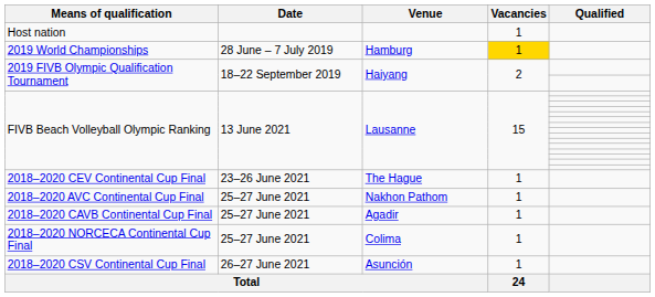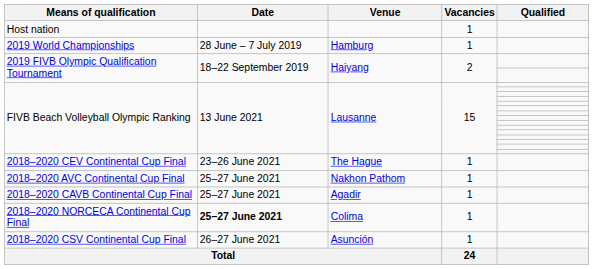 <table class="wikitable" width=900>
 <tr>
 <th width=34%>Means of qualification</th>
 <th width=23%>Date</th>
 <th width=20%>Venue</th>
 <th width=7%>Vacancies</th>
 <th width=16%>Qualified</th>
 </tr>
 <tr>
 <td>Host nation</td>
 <td></td>
 <td></td>
 <td style="text-align:center;">1</td>
 <td></td>
 </tr>
 <tr>
 <td><a href='#'>2019 World Championships</a></td>
 <td>28 June – 7 July 2019</td>
 <td> <a href='#'>Hamburg</a></td>
-<td align=center style="background: gold;">1</td>
+<td align=center>1</td>
 <td></td>
 </tr>
 <tr>
 <td rowspan="2"><a href='#'>2019 FIVB Olympic Qualification Tournament</a></td>
 <td rowspan=2>18–22 September 2019</td>
 <td rowspan=2> <a href='#'>Haiyang</a></td>
 <td rowspan="2" style="text-align:center;">2</td>
 <td></td>
 </tr>
 <tr>
 <td></td>
 </tr>
 <tr>
 <td rowspan=15>FIVB Beach Volleyball Olympic Ranking</td>
 <td rowspan=15>13 June 2021</td>
 <td rowspan=15> <a href='#'>Lausanne</a></td>
 <td rowspan=15 align=center>15</td>
 <td></td>
 </tr>
 <tr>
 <td></td>
 </tr>
 <tr>
 <td></td>
 </tr>
 <tr>
 <td></td>
 </tr>
 <tr>
 <td></td>
 </tr>
 <tr>
 <td></td>
 </tr>
 <tr>
 <td></td>
 </tr>
 <tr>
 <td></td>
 </tr>
 <tr>
 <td></td>
 </tr>
 <tr>
 <td></td>
 </tr>
 <tr>
 <td></td>
 </tr>
 <tr>
 <td></td>
 </tr>
 <tr>
 <td></td>
 </tr>
 <tr>
 <td></td>
 </tr>
 <tr>
 <td></td>
 </tr>
 <tr>
 <td><a href='#'>2018–2020 CEV Continental Cup Final</a></td>
 <td>23–26 June 2021</td>
 <td> <a href='#'>The Hague</a></td>
 <td style="text-align:center;">1</td>
 <td></td>
 </tr>
 <tr>
 <td><a href='#'>2018–2020 AVC Continental Cup Final</a></td>
 <td>25–27 June 2021</td>
 <td> <a href='#'>Nakhon Pathom</a></td>
 <td style="text-align:center;">1</td>
 <td></td>
 </tr>
 <tr>
 <td><a href='#'>2018–2020 CAVB Continental Cup Final</a></td>
 <td>25–27 June 2021</td>
 <td> <a href='#'>Agadir</a></td>
 <td style="text-align:center;">1</td>
 <td></td>
 </tr>
 <tr>
 <td><a href='#'>2018–2020 NORCECA Continental Cup Final</a></td>
-<td>25–27 June 2021</td>
+<td><strong>25–27 June 2021</strong></td>
 <td> <a href='#'>Colima</a></td>
 <td style="text-align:center;">1</td>
 <td></td>
 </tr>
 <tr>
 <td><a href='#'>2018–2020 CSV Continental Cup Final</a></td>
 <td>26–27 June 2021</td>
 <td> <a href='#'>Asunción</a></td>
 <td style="text-align:center;">1</td>
 <td></td>
 </tr>
 <tr>
 <th colspan="3">Total</th>
 <th>24</th>
 <th></th>
 </tr>
 </table>
